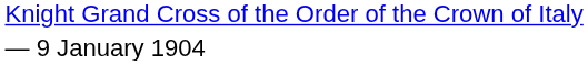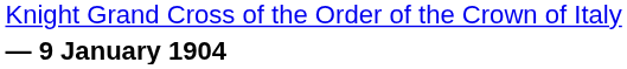 <table>
 <tr>
 <td rowspan=2 style="width:60px; vertical-align:top;"></td>
 <td><a href='#'>Knight Grand Cross of the Order of the Crown of Italy</a></td>
 </tr>
 <tr>
-<td>— 9 January 1904</td>
+<td><strong>— 9 January 1904</strong></td>
 </tr>
 </table>
